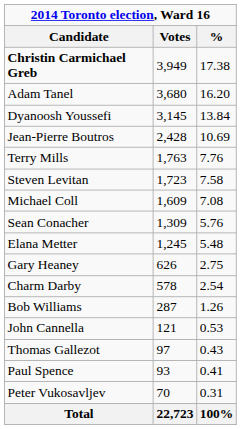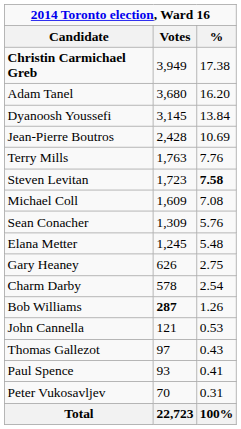 <table class="wikitable">
 <tr>
 <td Colspan="3" align="center"><strong><a href='#'>2014 Toronto election</a>, Ward 16</strong></td>
 </tr>
 <tr>
 <th scope="col" width="170px">Candidate</th>
 <th>Votes</th>
 <th>%</th>
 </tr>
 <tr>
 <td><strong>Christin Carmichael Greb</strong></td>
 <td>3,949</td>
 <td>17.38</td>
 </tr>
 <tr>
 <td>Adam Tanel</td>
 <td>3,680</td>
 <td>16.20</td>
 </tr>
 <tr>
 <td>Dyanoosh Youssefi</td>
 <td>3,145</td>
 <td>13.84</td>
 </tr>
 <tr>
 <td>Jean-Pierre Boutros</td>
 <td>2,428</td>
 <td>10.69</td>
 </tr>
 <tr>
 <td>Terry Mills</td>
 <td>1,763</td>
 <td>7.76</td>
 </tr>
 <tr>
 <td>Steven Levitan</td>
 <td>1,723</td>
-<td>7.58</td>
+<td><strong>7.58</strong></td>
 </tr>
 <tr>
 <td>Michael Coll</td>
 <td>1,609</td>
 <td>7.08</td>
 </tr>
 <tr>
 <td>Sean Conacher</td>
 <td>1,309</td>
 <td>5.76</td>
 </tr>
 <tr>
 <td>Elana Metter</td>
 <td>1,245</td>
 <td>5.48</td>
 </tr>
 <tr>
 <td>Gary Heaney</td>
 <td>626</td>
 <td>2.75</td>
 </tr>
 <tr>
 <td>Charm Darby</td>
 <td>578</td>
 <td>2.54</td>
 </tr>
 <tr>
 <td>Bob Williams</td>
-<td>287</td>
+<td><strong>287</strong></td>
 <td>1.26</td>
 </tr>
 <tr>
 <td>John Cannella</td>
 <td>121</td>
 <td>0.53</td>
 </tr>
 <tr>
 <td>Thomas Gallezot</td>
 <td>97</td>
 <td>0.43</td>
 </tr>
 <tr>
 <td>Paul Spence</td>
 <td>93</td>
 <td>0.41</td>
 </tr>
 <tr>
 <td>Peter Vukosavljev</td>
 <td>70</td>
 <td>0.31</td>
 </tr>
 <tr>
 <th>Total</th>
 <th>22,723</th>
 <th>100%</th>
 </tr>
 </table>
